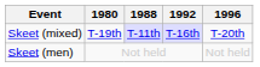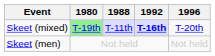 <table class="wikitable" style="text-align: center">
 <tr>
 <th>Event</th>
 <th>1980</th>
 <th>1988</th>
 <th>1992</th>
 <th>1996</th>
 </tr>
 <tr>
 <td align=left><a href='#'>Skeet</a> (mixed)</td>
-<td><a href='#'>T-19th</a></td>
+<td style="background: lightgreen;"><a href='#'>T-19th</a></td>
 <td style="background: #ddddff"><a href='#'>T-11th</a></td>
-<td style="background: #ddddff"><a href='#'>T-16th</a></td>
+<td style="background: #ddddff"><strong><a href='#'>T-16th</a></strong></td>
 <td><a href='#'>T-20th</a></td>
 </tr>
 <tr>
 <td align=left><a href='#'>Skeet</a> (men)</td>
 <td colspan=3 style="color: #cccccc">Not held</td>
 <td colspan=1 style="color: #cccccc">Not held</td>
 </tr>
 </table>
